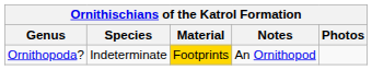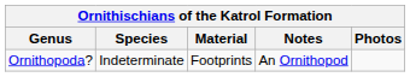 <table class="wikitable" align="center">
 <tr>
 <th colspan="5" align="center"><a href='#'>Ornithischians</a> of the Katrol Formation</th>
 </tr>
 <tr>
 <th>Genus</th>
 <th>Species</th>
 <th>Material</th>
 <th>Notes</th>
 <th>Photos</th>
 </tr>
 <tr>
 <td><a href='#'>Ornithopoda</a>?</td>
 <td>Indeterminate</td>
-<td style="background: gold;">Footprints</td>
+<td>Footprints</td>
 <td>An <a href='#'>Ornithopod</a></td>
 <td></td>
 </tr>
 </table>
